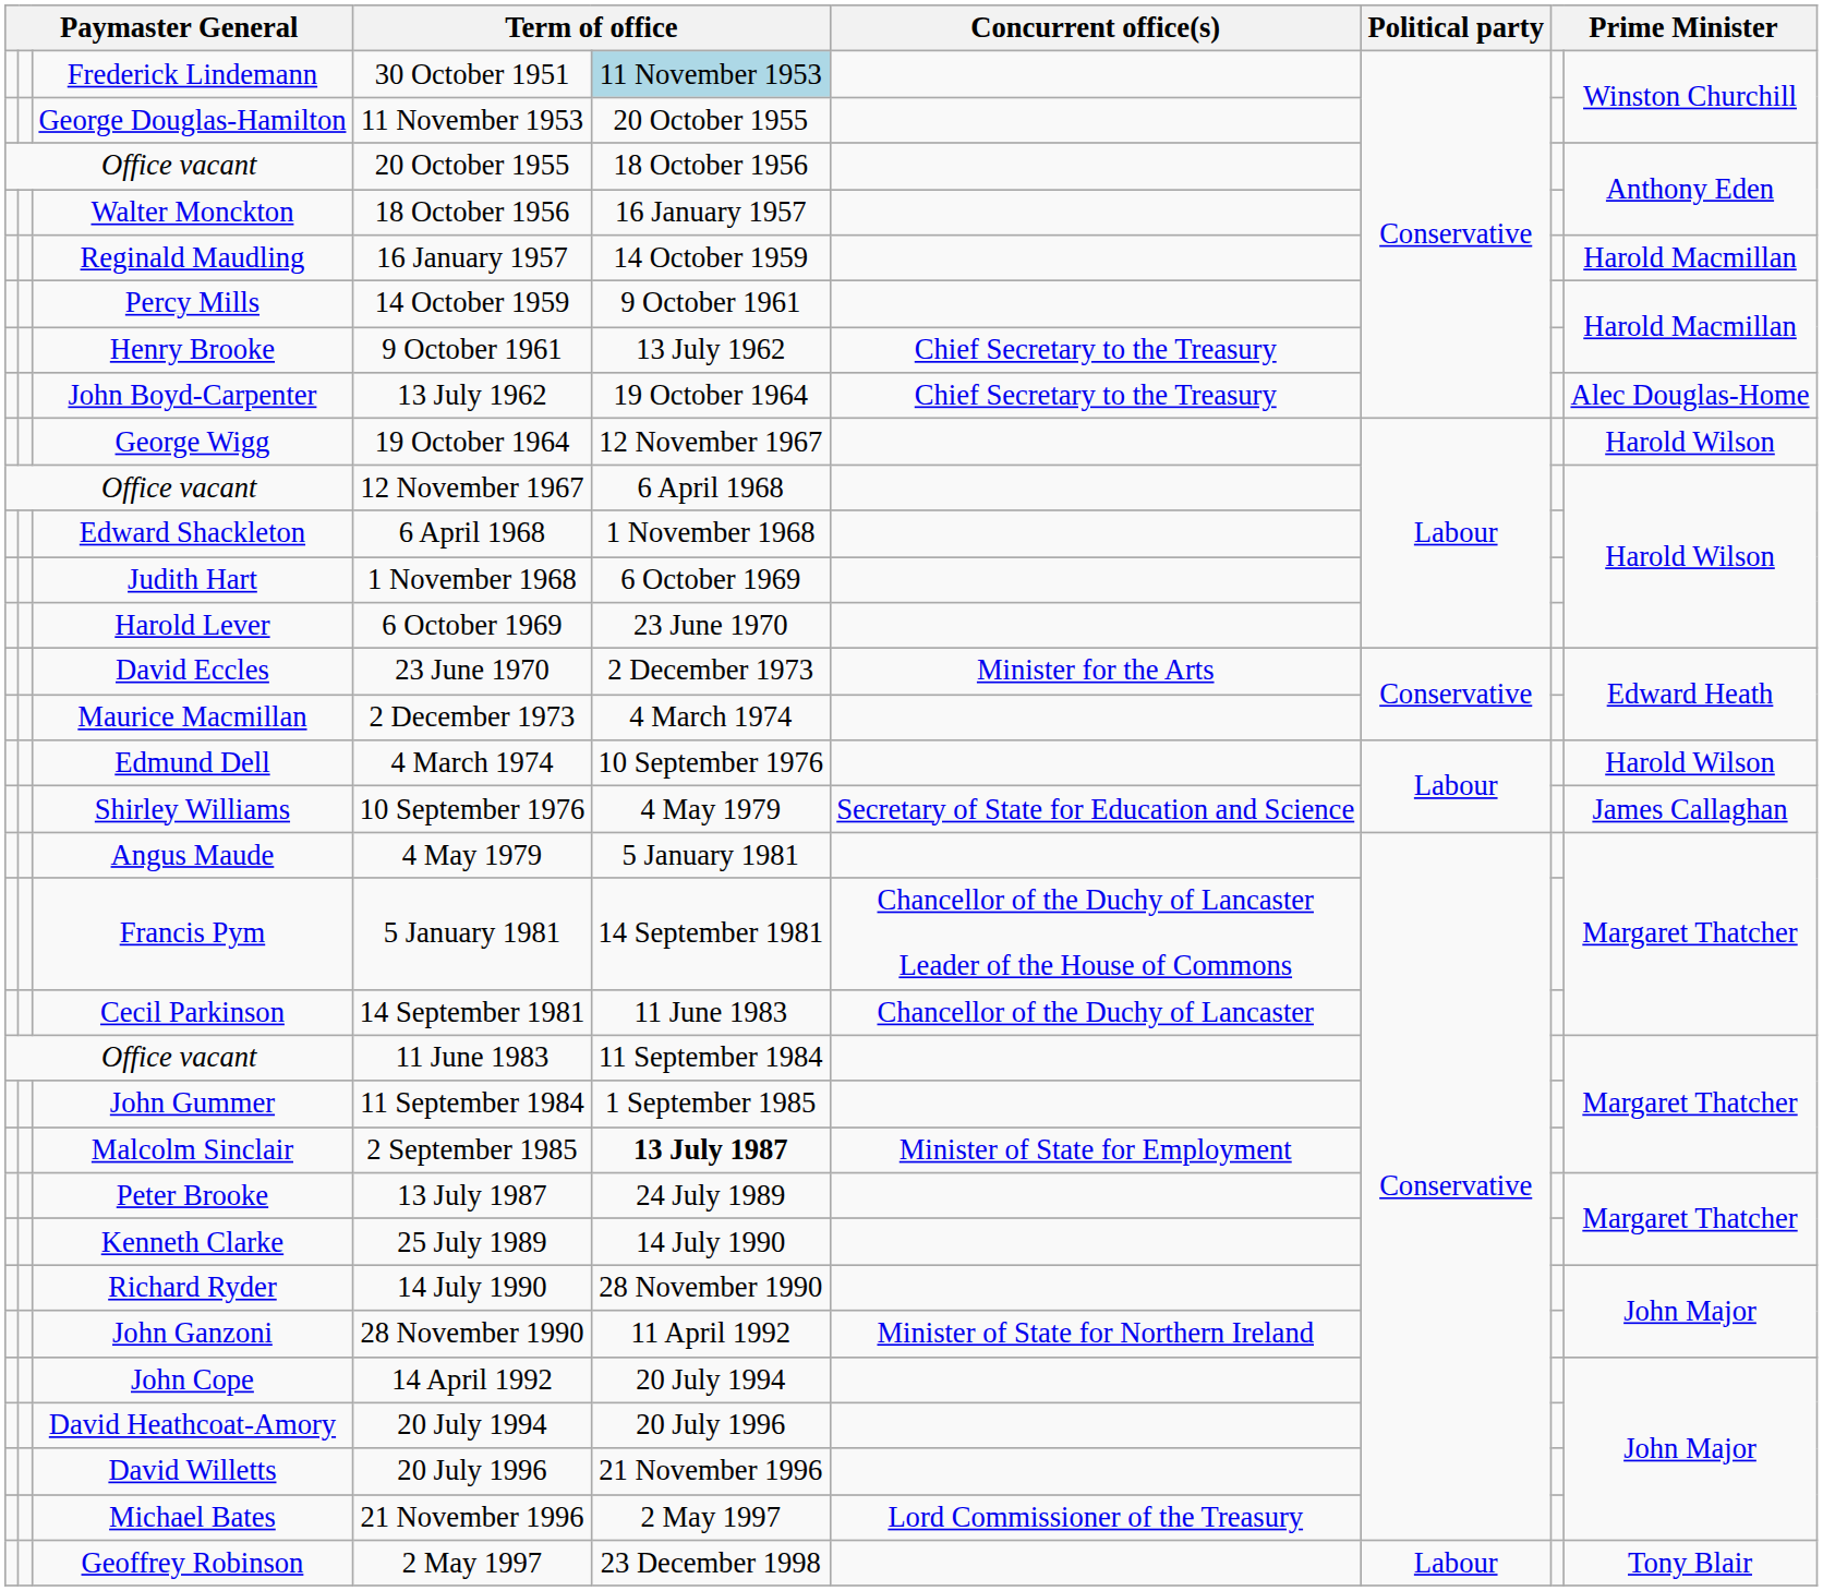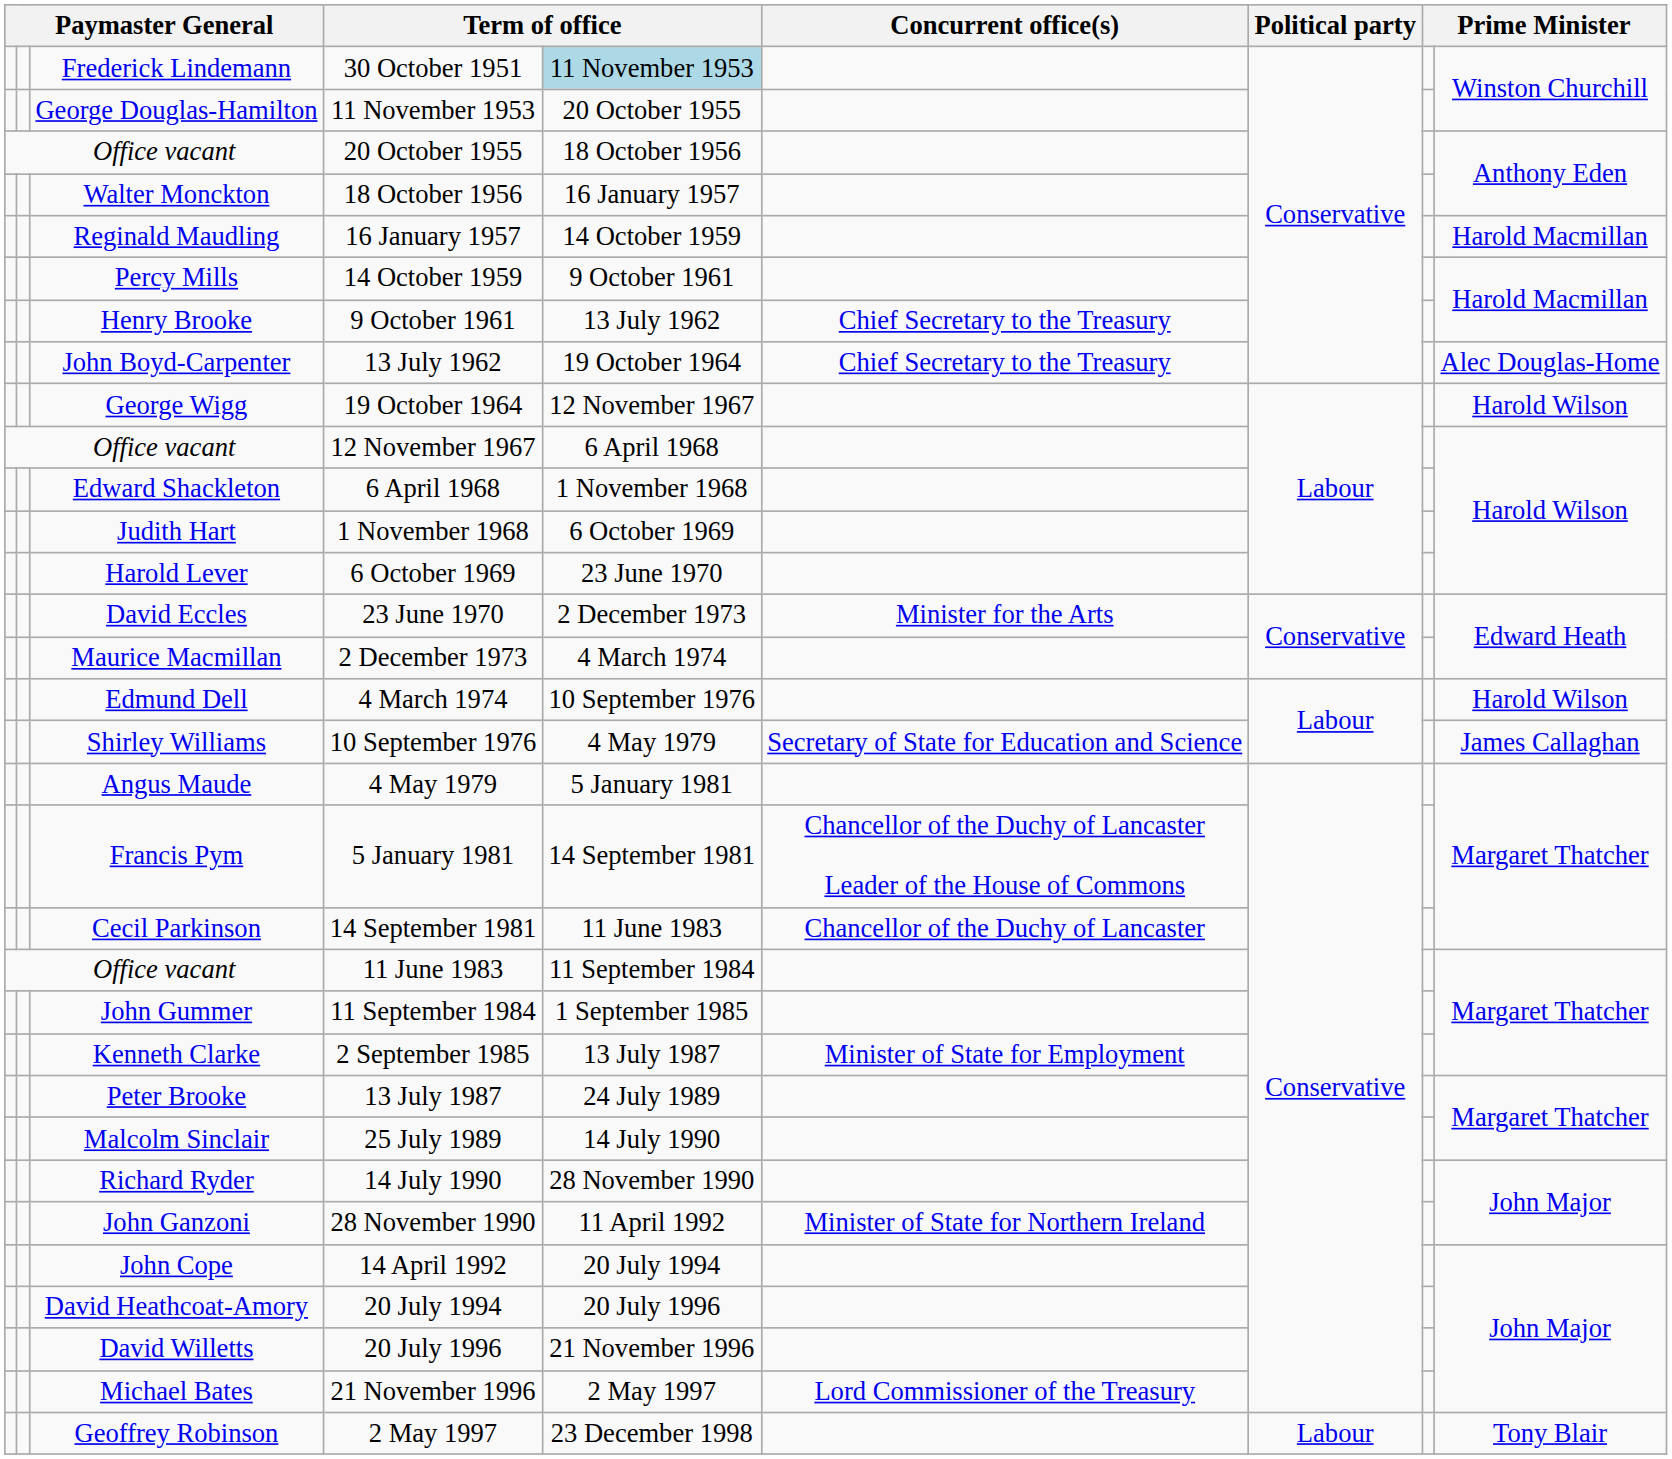 <table class="wikitable" style="text-align:center">
 <tr>
 <th colspan=3>Paymaster General</th>
 <th colspan=2>Term of office</th>
 <th>Concurrent office(s)</th>
 <th>Political party</th>
 <th colspan=2>Prime Minister</th>
 </tr>
 <tr style="height:1em">
 <td style="background-color:"></td>
 <td></td>
 <td><a href='#'>Frederick Lindemann</a><br></td>
 <td>30 October 1951</td>
 <td style="background: lightblue;">11 November 1953</td>
 <td></td>
 <td rowspan=8><a href='#'>Conservative</a></td>
 <td style="background-color:"></td>
 <td rowspan=2><a href='#'>Winston Churchill</a><br></td>
 </tr>
 <tr style="height:1em">
 <td style="background-color:"></td>
 <td></td>
 <td><a href='#'>George Douglas-Hamilton</a><br></td>
 <td>11 November 1953</td>
 <td>20 October 1955</td>
 <td></td>
 <td style="background-color:"></td>
 </tr>
 <tr>
 <td colspan=3><em>Office vacant</em></td>
 <td>20 October 1955</td>
 <td>18 October 1956</td>
 <td></td>
 <td style="background-color:"></td>
 <td rowspan=2><a href='#'>Anthony Eden</a><br></td>
 </tr>
 <tr style="height:1em">
 <td style="background-color:"></td>
 <td></td>
 <td><a href='#'>Walter Monckton</a><br></td>
 <td>18 October 1956</td>
 <td>16 January 1957</td>
 <td></td>
 <td style="background-color:"></td>
 </tr>
 <tr style="height:1em">
 <td style="background-color:"></td>
 <td></td>
 <td><a href='#'>Reginald Maudling</a><br></td>
 <td>16 January 1957</td>
 <td>14 October 1959</td>
 <td></td>
 <td style="background-color:"></td>
 <td><a href='#'>Harold Macmillan</a><br></td>
 </tr>
 <tr style="height:1em">
 <td style="background-color:"></td>
 <td></td>
 <td><a href='#'>Percy Mills</a><br></td>
 <td>14 October 1959</td>
 <td>9 October 1961</td>
 <td></td>
 <td style="background-color:"></td>
 <td rowspan=2><a href='#'>Harold Macmillan</a><br></td>
 </tr>
 <tr style="height:1em">
 <td style="background-color:"></td>
 <td></td>
 <td><a href='#'>Henry Brooke</a><br></td>
 <td>9 October 1961</td>
 <td>13 July 1962</td>
 <td><a href='#'>Chief Secretary to the Treasury</a></td>
 <td style="background-color:"></td>
 </tr>
 <tr style="height:1em">
 <td style="background-color:"></td>
 <td></td>
 <td><a href='#'>John Boyd-Carpenter</a><br></td>
 <td>13 July 1962</td>
 <td>19 October 1964</td>
 <td><a href='#'>Chief Secretary to the Treasury</a></td>
 <td style="background-color:"></td>
 <td><a href='#'>Alec Douglas-Home</a><br></td>
 </tr>
 <tr style="height:1em">
 <td style="background-color:"></td>
 <td></td>
 <td><a href='#'>George Wigg</a><br></td>
 <td>19 October 1964</td>
 <td>12 November 1967</td>
 <td></td>
 <td rowspan=5><a href='#'>Labour</a></td>
 <td style="background-color:"></td>
 <td><a href='#'>Harold Wilson</a><br></td>
 </tr>
 <tr>
 <td colspan=3><em>Office vacant</em></td>
 <td>12 November 1967</td>
 <td>6 April 1968</td>
 <td></td>
 <td style="background-color:"></td>
 <td rowspan=4><a href='#'>Harold Wilson</a><br></td>
 </tr>
 <tr style="height:1em">
 <td style="background-color:"></td>
 <td></td>
 <td><a href='#'>Edward Shackleton</a><br></td>
 <td>6 April 1968</td>
 <td>1 November 1968</td>
 <td></td>
 <td style="background-color:"></td>
 </tr>
 <tr style="height:1em">
 <td style="background-color:"></td>
 <td></td>
 <td><a href='#'>Judith Hart</a><br></td>
 <td>1 November 1968</td>
 <td>6 October 1969</td>
 <td></td>
 <td style="background-color:"></td>
 </tr>
 <tr style="height:1em">
 <td style="background-color:"></td>
 <td></td>
 <td><a href='#'>Harold Lever</a><br></td>
 <td>6 October 1969</td>
 <td>23 June 1970</td>
 <td></td>
 <td style="background-color:"></td>
 </tr>
 <tr style="height:1em">
 <td style="background-color:"></td>
 <td></td>
 <td><a href='#'>David Eccles</a><br></td>
 <td>23 June 1970</td>
 <td>2 December 1973</td>
 <td><a href='#'>Minister for the Arts</a></td>
 <td rowspan=2><a href='#'>Conservative</a></td>
 <td style="background-color:"></td>
 <td rowspan=2><a href='#'>Edward Heath</a><br></td>
 </tr>
 <tr style="height:1em">
 <td style="background-color:"></td>
 <td></td>
 <td><a href='#'>Maurice Macmillan</a><br></td>
 <td>2 December 1973</td>
 <td>4 March 1974</td>
 <td></td>
 <td style="background-color:"></td>
 </tr>
 <tr style="height:1em">
 <td style="background-color:"></td>
 <td></td>
 <td><a href='#'>Edmund Dell</a><br></td>
 <td>4 March 1974</td>
 <td>10 September 1976</td>
 <td></td>
 <td rowspan=2><a href='#'>Labour</a></td>
 <td style="background-color:"></td>
 <td><a href='#'>Harold Wilson</a><br></td>
 </tr>
 <tr style="height:1em">
 <td style="background-color:"></td>
 <td></td>
 <td><a href='#'>Shirley Williams</a><br></td>
 <td>10 September 1976</td>
 <td>4 May 1979</td>
 <td><a href='#'>Secretary of State for Education and Science</a></td>
 <td style="background-color:"></td>
 <td><a href='#'>James Callaghan</a><br></td>
 </tr>
 <tr style="height:1em">
 <td style="background-color:"></td>
 <td></td>
 <td><a href='#'>Angus Maude</a><br></td>
 <td>4 May 1979</td>
 <td>5 January 1981</td>
 <td></td>
 <td rowspan=14><a href='#'>Conservative</a></td>
 <td style="background-color:"></td>
 <td rowspan=3><a href='#'>Margaret Thatcher</a><br></td>
 </tr>
 <tr style="height:1em">
 <td style="background-color:"></td>
 <td></td>
 <td><a href='#'>Francis Pym</a> <br></td>
 <td>5 January 1981</td>
 <td>14 September 1981</td>
 <td><a href='#'>Chancellor of the Duchy of Lancaster</a><br><br><a href='#'>Leader of the House of Commons</a><br></td>
 <td style="background-color:"></td>
 </tr>
 <tr style="height:1em">
 <td style="background-color:"></td>
 <td></td>
 <td><a href='#'>Cecil Parkinson</a><br></td>
 <td>14 September 1981</td>
 <td>11 June 1983</td>
 <td><a href='#'>Chancellor of the Duchy of Lancaster</a> <br></td>
 <td style="background-color:"></td>
 </tr>
 <tr>
 <td colspan=3><em>Office vacant</em></td>
 <td>11 June 1983</td>
 <td>11 September 1984</td>
 <td></td>
 <td style="background-color:"></td>
 <td rowspan=3><a href='#'>Margaret Thatcher</a><br></td>
 </tr>
 <tr style="height:1em">
 <td style="background-color:"></td>
 <td></td>
 <td><a href='#'>John Gummer</a><br></td>
 <td>11 September 1984</td>
 <td>1 September 1985</td>
 <td></td>
 <td style="background-color:"></td>
 </tr>
 <tr style="height:1em">
 <td style="background-color:"></td>
 <td></td>
-<td><a href='#'>Malcolm Sinclair</a><br></td>
+<td><a href='#'>Kenneth Clarke</a><br></td>
 <td>2 September 1985</td>
-<td><strong>13 July 1987</strong></td>
+<td>13 July 1987</td>
 <td><a href='#'>Minister of State for Employment</a></td>
 <td style="background-color:"></td>
 </tr>
 <tr style="height:1em">
 <td style="background-color:"></td>
 <td></td>
 <td><a href='#'>Peter Brooke</a><br></td>
 <td>13 July 1987</td>
 <td>24 July 1989</td>
 <td></td>
 <td style="background-color:"></td>
 <td rowspan=2><a href='#'>Margaret Thatcher</a><br></td>
 </tr>
 <tr style="height:1em">
 <td style="background-color:"></td>
 <td></td>
-<td><a href='#'>Kenneth Clarke</a><br></td>
+<td><a href='#'>Malcolm Sinclair</a><br></td>
 <td>25 July 1989</td>
 <td>14 July 1990</td>
 <td></td>
 <td style="background-color:"></td>
 </tr>
 <tr style="height:1em">
 <td style="background-color:"></td>
 <td></td>
 <td><a href='#'>Richard Ryder</a><br></td>
 <td>14 July 1990</td>
 <td>28 November 1990</td>
 <td></td>
 <td style="background-color:"></td>
 <td rowspan=2><a href='#'>John Major</a><br></td>
 </tr>
 <tr style="height:1em">
 <td style="background-color:"></td>
 <td></td>
 <td><a href='#'>John Ganzoni</a><br></td>
 <td>28 November 1990</td>
 <td>11 April 1992</td>
 <td><a href='#'>Minister of State for Northern Ireland</a></td>
 <td style="background-color:"></td>
 </tr>
 <tr style="height:1em">
 <td style="background-color:"></td>
 <td></td>
 <td><a href='#'>John Cope</a><br></td>
 <td>14 April 1992</td>
 <td>20 July 1994</td>
 <td></td>
 <td style="background-color:"></td>
 <td rowspan=4><a href='#'>John Major</a><br></td>
 </tr>
 <tr style="height:1em">
 <td style="background-color:"></td>
 <td></td>
 <td><a href='#'>David Heathcoat-Amory</a><br></td>
 <td>20 July 1994</td>
 <td>20 July 1996</td>
 <td></td>
 <td style="background-color:"></td>
 </tr>
 <tr style="height:1em">
 <td style="background-color:"></td>
 <td></td>
 <td><a href='#'>David Willetts</a><br></td>
 <td>20 July 1996</td>
 <td>21 November 1996</td>
 <td></td>
 <td style="background-color:"></td>
 </tr>
 <tr style="height:1em">
 <td style="background-color:"></td>
 <td></td>
 <td><a href='#'>Michael Bates</a><br></td>
 <td>21 November 1996</td>
 <td>2 May 1997</td>
 <td><a href='#'>Lord Commissioner of the Treasury</a><br></td>
 <td style="background-color:"></td>
 </tr>
 <tr style="height:1em">
 <td style="background-color:"></td>
 <td></td>
 <td><a href='#'>Geoffrey Robinson</a><br></td>
 <td>2 May 1997</td>
 <td>23 December 1998</td>
 <td></td>
 <td><a href='#'>Labour</a></td>
 <td style="background-color:"></td>
 <td><a href='#'>Tony Blair</a><br></td>
 </tr>
 </table>
